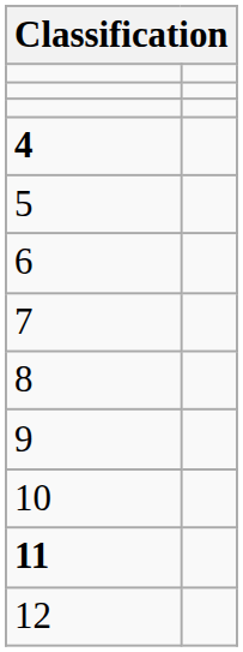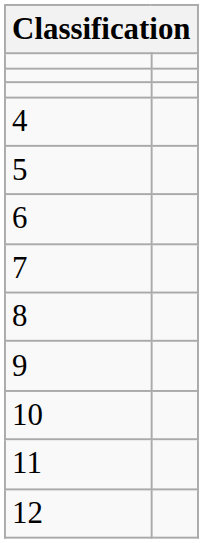 <table class="wikitable" font-size: 90%;>
 <tr>
 <th colspan=2>Classification</th>
 </tr>
 <tr valign="top">
 <td></td>
 <td></td>
 </tr>
 <tr>
 <td></td>
 <td></td>
 </tr>
 <tr>
 <td></td>
 <td></td>
 </tr>
 <tr>
-<td><strong>4</strong></td>
+<td>4</td>
 <td></td>
 </tr>
 <tr>
 <td>5</td>
 <td></td>
 </tr>
 <tr>
 <td>6</td>
 <td></td>
 </tr>
 <tr>
 <td>7</td>
 <td></td>
 </tr>
 <tr>
 <td>8</td>
 <td></td>
 </tr>
 <tr>
 <td>9</td>
 <td></td>
 </tr>
 <tr>
 <td>10</td>
 <td></td>
 </tr>
 <tr>
-<td><strong>11</strong></td>
+<td>11</td>
 <td></td>
 </tr>
 <tr>
 <td>12</td>
 <td></td>
 </tr>
 </table>
